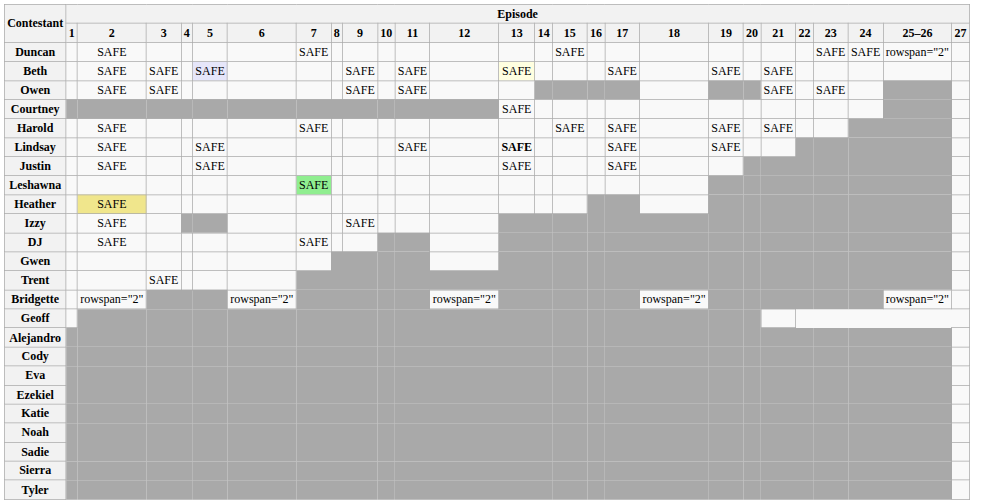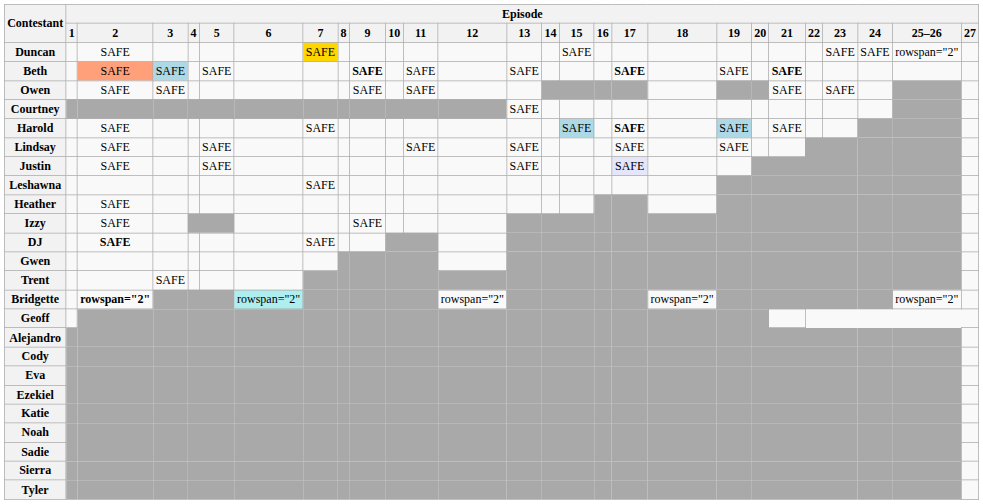 <table class="wikitable" style="text-align:center;">
 <tr>
 <th scope="col" rowspan="2">Contestant</th>
 <th scope="col" colspan="100%">Episode<br>                                                </th>
 </tr>
 <tr>
 <th scope="col">1</th>
 <th scope="col">2</th>
 <th scope="col">3</th>
 <th scope="col">4</th>
 <th scope="col">5</th>
 <th scope="col">6</th>
 <th scope="col">7</th>
 <th scope="col">8</th>
 <th scope="col">9</th>
 <th scope="col">10</th>
 <th scope="col">11</th>
 <th scope="col">12</th>
 <th scope="col">13</th>
 <th scope="col">14</th>
 <th scope="col">15</th>
 <th scope="col">16</th>
 <th scope="col">17</th>
 <th scope="col">18</th>
 <th scope="col">19</th>
 <th scope="col">20</th>
 <th scope="col">21</th>
 <th scope="col">22</th>
 <th scope="col">23</th>
 <th scope="col">24</th>
 <th scope="col">25–26</th>
 <th scope="col">27</th>
 </tr>
 <tr>
 <th scope="row">Duncan</th>
 <td></td>
 <td>SAFE</td>
 <td></td>
 <td></td>
 <td></td>
 <td></td>
-<td>SAFE</td>
+<td style="background: gold;">SAFE</td>
 <td></td>
 <td></td>
 <td></td>
 <td></td>
 <td></td>
 <td></td>
 <td></td>
 <td>SAFE</td>
 <td></td>
 <td></td>
 <td></td>
 <td></td>
 <td></td>
 <td></td>
 <td></td>
 <td>SAFE</td>
 <td>SAFE</td>
 <td>rowspan="2" </td>
 <td></td>
 </tr>
 <tr>
 <th scope="row">Beth</th>
 <td></td>
-<td>SAFE</td>
+<td style="background: lightsalmon;">SAFE</td>
+<td style="background: lightblue;">SAFE</td>
+<td></td>
 <td>SAFE</td>
 <td></td>
-<td style="background: lavender;">SAFE</td>
 <td></td>
 <td></td>
+<td><strong>SAFE</strong></td>
 <td></td>
 <td>SAFE</td>
 <td></td>
 <td>SAFE</td>
 <td></td>
-<td style="background: lightyellow;">SAFE</td>
 <td></td>
 <td></td>
+<td><strong>SAFE</strong></td>
 <td></td>
 <td>SAFE</td>
 <td></td>
-<td>SAFE</td>
-<td></td>
-<td>SAFE</td>
+<td><strong>SAFE</strong></td>
 <td></td>
 <td></td>
 <td><br></td>
 <td></td>
 </tr>
 <tr>
 <th scope="row">Owen</th>
 <td></td>
 <td>SAFE</td>
 <td>SAFE</td>
 <td></td>
 <td></td>
 <td></td>
 <td></td>
 <td></td>
 <td>SAFE</td>
 <td></td>
 <td>SAFE</td>
 <td></td>
 <td></td>
 <td style="background:darkgray; border:none;"></td>
 <td style="background:darkgray; border:none;"></td>
 <td style="background:darkgray; border:none;"></td>
 <td style="background:darkgray; border:none;"></td>
 <td></td>
 <td style="background:darkgray; border:none;"></td>
 <td style="background:darkgray; border:none;"></td>
 <td>SAFE</td>
 <td></td>
 <td>SAFE</td>
 <td></td>
 <td style="background:darkgray; border:none;"></td>
 <td></td>
 </tr>
 <tr>
 <th scope="row">Courtney</th>
 <td style="background:darkgray; border:none;"></td>
 <td style="background:darkgray; border:none;"></td>
 <td style="background:darkgray; border:none;"></td>
 <td style="background:darkgray; border:none;"></td>
 <td style="background:darkgray; border:none;"></td>
 <td style="background:darkgray; border:none;"></td>
 <td style="background:darkgray; border:none;"></td>
 <td style="background:darkgray; border:none;"></td>
 <td style="background:darkgray; border:none;"></td>
 <td style="background:darkgray; border:none;"></td>
 <td style="background:darkgray; border:none;"></td>
 <td style="background:darkgray; border:none;"></td>
 <td>SAFE</td>
 <td></td>
 <td></td>
 <td></td>
 <td></td>
 <td></td>
 <td></td>
 <td></td>
 <td></td>
 <td></td>
 <td></td>
 <td></td>
 <td style="background:darkgray; border:none;"></td>
 <td></td>
 </tr>
 <tr>
 <th scope="row">Harold</th>
 <td></td>
 <td>SAFE</td>
 <td></td>
 <td></td>
 <td></td>
 <td></td>
 <td>SAFE</td>
 <td></td>
 <td></td>
 <td></td>
 <td></td>
 <td></td>
 <td></td>
 <td></td>
-<td>SAFE</td>
+<td style="background: lightblue;">SAFE</td>
 <td></td>
-<td>SAFE</td>
+<td><strong>SAFE</strong></td>
 <td></td>
-<td>SAFE</td>
+<td style="background: lightblue;">SAFE</td>
 <td></td>
 <td>SAFE</td>
 <td></td>
 <td></td>
 <td style="background:darkgray; border:none;"></td>
 <td style="background:darkgray; border:none;"></td>
 <td></td>
 </tr>
 <tr>
 <th scope="row">Lindsay</th>
 <td></td>
 <td>SAFE</td>
 <td></td>
 <td></td>
 <td>SAFE</td>
 <td></td>
 <td></td>
 <td></td>
 <td></td>
 <td></td>
 <td>SAFE</td>
 <td></td>
-<td><strong>SAFE</strong></td>
+<td>SAFE</td>
 <td></td>
 <td></td>
 <td></td>
 <td>SAFE</td>
 <td></td>
 <td>SAFE</td>
 <td></td>
 <td></td>
 <td style="background:darkgray; border:none;"></td>
 <td style="background:darkgray; border:none;"></td>
 <td style="background:darkgray; border:none;"></td>
 <td style="background:darkgray; border:none;"></td>
 <td></td>
 </tr>
 <tr>
 <th scope="row">Justin</th>
 <td></td>
 <td>SAFE</td>
 <td></td>
 <td></td>
 <td>SAFE</td>
 <td></td>
 <td></td>
 <td></td>
 <td></td>
 <td></td>
 <td></td>
 <td></td>
 <td>SAFE</td>
 <td></td>
 <td></td>
 <td></td>
-<td>SAFE</td>
+<td style="background: lavender;">SAFE</td>
 <td></td>
 <td></td>
 <td style="background:darkgray; border:none;"></td>
 <td style="background:darkgray; border:none;"></td>
 <td style="background:darkgray; border:none;"></td>
 <td style="background:darkgray; border:none;"></td>
 <td style="background:darkgray; border:none;"></td>
 <td style="background:darkgray; border:none;"></td>
 <td></td>
 </tr>
 <tr>
 <th scope="row">Leshawna</th>
 <td></td>
 <td></td>
 <td></td>
 <td></td>
 <td></td>
 <td></td>
-<td style="background: lightgreen;">SAFE</td>
+<td>SAFE</td>
 <td></td>
 <td></td>
 <td></td>
 <td></td>
 <td></td>
 <td></td>
 <td></td>
 <td></td>
 <td></td>
 <td></td>
 <td></td>
 <td style="background:darkgray; border:none;"></td>
 <td style="background:darkgray; border:none;"></td>
 <td style="background:darkgray; border:none;"></td>
 <td style="background:darkgray; border:none;"></td>
 <td style="background:darkgray; border:none;"></td>
 <td style="background:darkgray; border:none;"></td>
 <td style="background:darkgray; border:none;"></td>
 <td></td>
 </tr>
 <tr>
 <th scope="row">Heather</th>
 <td></td>
-<td style="background: khaki;">SAFE</td>
+<td>SAFE</td>
 <td></td>
 <td></td>
 <td></td>
 <td></td>
 <td></td>
 <td></td>
 <td></td>
 <td></td>
 <td></td>
 <td></td>
 <td></td>
 <td></td>
 <td></td>
 <td style="background:darkgray; border:none;"></td>
 <td style="background:darkgray; border:none;"></td>
 <td></td>
 <td style="background:darkgray; border:none;"></td>
 <td style="background:darkgray; border:none;"></td>
 <td style="background:darkgray; border:none;"></td>
 <td style="background:darkgray; border:none;"></td>
 <td style="background:darkgray; border:none;"></td>
 <td style="background:darkgray; border:none;"></td>
 <td style="background:darkgray; border:none;"></td>
 <td></td>
 </tr>
 <tr>
 <th scope="row">Izzy</th>
 <td></td>
 <td>SAFE</td>
 <td></td>
 <td style="background:darkgray; border:none;"></td>
 <td style="background:darkgray; border:none;"></td>
 <td></td>
 <td></td>
 <td></td>
 <td>SAFE</td>
 <td></td>
 <td></td>
 <td></td>
 <td style="background:darkgray; border:none;"></td>
 <td style="background:darkgray; border:none;"></td>
 <td style="background:darkgray; border:none;"></td>
 <td style="background:darkgray; border:none;"></td>
 <td style="background:darkgray; border:none;"></td>
 <td style="background:darkgray; border:none;"></td>
 <td style="background:darkgray; border:none;"></td>
 <td style="background:darkgray; border:none;"></td>
 <td style="background:darkgray; border:none;"></td>
 <td style="background:darkgray; border:none;"></td>
 <td style="background:darkgray; border:none;"></td>
 <td style="background:darkgray; border:none;"></td>
 <td style="background:darkgray; border:none;"></td>
 <td></td>
 </tr>
 <tr>
 <th scope="row">DJ</th>
 <td></td>
-<td>SAFE</td>
+<td><strong>SAFE</strong></td>
 <td></td>
 <td></td>
 <td></td>
 <td></td>
 <td>SAFE</td>
 <td></td>
 <td></td>
 <td style="background:darkgray; border:none;"></td>
 <td style="background:darkgray; border:none;"></td>
 <td></td>
 <td style="background:darkgray; border:none;"></td>
 <td style="background:darkgray; border:none;"></td>
 <td style="background:darkgray; border:none;"></td>
 <td style="background:darkgray; border:none;"></td>
 <td style="background:darkgray; border:none;"></td>
 <td style="background:darkgray; border:none;"></td>
 <td style="background:darkgray; border:none;"></td>
 <td style="background:darkgray; border:none;"></td>
 <td style="background:darkgray; border:none;"></td>
 <td style="background:darkgray; border:none;"></td>
 <td style="background:darkgray; border:none;"></td>
 <td style="background:darkgray; border:none;"></td>
 <td style="background:darkgray; border:none;"></td>
 <td></td>
 </tr>
 <tr>
 <th scope="row">Gwen</th>
 <td></td>
 <td></td>
 <td></td>
 <td></td>
 <td></td>
 <td></td>
 <td></td>
 <td style="background:darkgray; border:none;"></td>
 <td style="background:darkgray; border:none;"></td>
 <td style="background:darkgray; border:none;"></td>
 <td style="background:darkgray; border:none;"></td>
 <td></td>
 <td style="background:darkgray; border:none;"></td>
 <td style="background:darkgray; border:none;"></td>
 <td style="background:darkgray; border:none;"></td>
 <td style="background:darkgray; border:none;"></td>
 <td style="background:darkgray; border:none;"></td>
 <td style="background:darkgray; border:none;"></td>
 <td style="background:darkgray; border:none;"></td>
 <td style="background:darkgray; border:none;"></td>
 <td style="background:darkgray; border:none;"></td>
 <td style="background:darkgray; border:none;"></td>
 <td style="background:darkgray; border:none;"></td>
 <td style="background:darkgray; border:none;"></td>
 <td style="background:darkgray; border:none;"></td>
 <td></td>
 </tr>
 <tr>
 <th scope="row">Trent</th>
 <td></td>
 <td></td>
 <td>SAFE</td>
 <td></td>
 <td></td>
 <td></td>
 <td style="background:darkgray; border:none;"></td>
 <td style="background:darkgray; border:none;"></td>
 <td style="background:darkgray; border:none;"></td>
 <td style="background:darkgray; border:none;"></td>
 <td style="background:darkgray; border:none;"></td>
 <td style="background:darkgray; border:none;"></td>
 <td style="background:darkgray; border:none;"></td>
 <td style="background:darkgray; border:none;"></td>
 <td style="background:darkgray; border:none;"></td>
 <td style="background:darkgray; border:none;"></td>
 <td style="background:darkgray; border:none;"></td>
 <td style="background:darkgray; border:none;"></td>
 <td style="background:darkgray; border:none;"></td>
 <td style="background:darkgray; border:none;"></td>
 <td style="background:darkgray; border:none;"></td>
 <td style="background:darkgray; border:none;"></td>
 <td style="background:darkgray; border:none;"></td>
 <td style="background:darkgray; border:none;"></td>
 <td style="background:darkgray; border:none;"></td>
 <td></td>
 </tr>
 <tr>
 <th scope="row">Bridgette</th>
 <td></td>
-<td>rowspan="2" </td>
+<td><strong>rowspan="2" </strong></td>
 <td style="background:darkgray; border:none;"></td>
 <td style="background:darkgray; border:none;"></td>
 <td style="background:darkgray; border:none;"></td>
-<td>rowspan="2" </td>
+<td style="background: paleturquoise;">rowspan="2" </td>
 <td style="background:darkgray; border:none;"></td>
 <td style="background:darkgray; border:none;"></td>
 <td style="background:darkgray; border:none;"></td>
 <td style="background:darkgray; border:none;"></td>
 <td style="background:darkgray; border:none;"></td>
 <td>rowspan="2" </td>
 <td style="background:darkgray; border:none;"></td>
 <td style="background:darkgray; border:none;"></td>
 <td style="background:darkgray; border:none;"></td>
 <td style="background:darkgray; border:none;"></td>
 <td style="background:darkgray; border:none;"></td>
 <td>rowspan="2" </td>
 <td style="background:darkgray; border:none;"></td>
 <td style="background:darkgray; border:none;"></td>
 <td style="background:darkgray; border:none;"></td>
 <td style="background:darkgray; border:none;"></td>
 <td style="background:darkgray; border:none;"></td>
 <td style="background:darkgray; border:none;"></td>
 <td>rowspan="2" </td>
 <td></td>
 </tr>
 <tr>
 <th scope="row">Geoff</th>
 <td><br></td>
 <td style="background:darkgray; border:none;"></td>
 <td style="background:darkgray; border:none;"></td>
 <td style="background:darkgray; border:none;"><br></td>
 <td style="background:darkgray; border:none;"></td>
 <td style="background:darkgray; border:none;"></td>
 <td style="background:darkgray; border:none;"></td>
 <td style="background:darkgray; border:none;"></td>
 <td style="background:darkgray; border:none;"><br></td>
 <td style="background:darkgray; border:none;"></td>
 <td style="background:darkgray; border:none;"></td>
 <td style="background:darkgray; border:none;"></td>
 <td style="background:darkgray; border:none;"></td>
 <td style="background:darkgray; border:none;"><br></td>
 <td style="background:darkgray; border:none;"></td>
 <td style="background:darkgray; border:none;"></td>
 <td style="background:darkgray; border:none;"></td>
 <td style="background:darkgray; border:none;"></td>
 <td style="background:darkgray; border:none;"></td>
 <td style="background:darkgray; border:none;"><br></td>
 <td></td>
 </tr>
 <tr>
 <th scope="row">Alejandro</th>
 <td style="background:darkgray; border:none;"></td>
 <td style="background:darkgray; border:none;"></td>
 <td style="background:darkgray; border:none;"></td>
 <td style="background:darkgray; border:none;"></td>
 <td style="background:darkgray; border:none;"></td>
 <td style="background:darkgray; border:none;"></td>
 <td style="background:darkgray; border:none;"></td>
 <td style="background:darkgray; border:none;"></td>
 <td style="background:darkgray; border:none;"></td>
 <td style="background:darkgray; border:none;"></td>
 <td style="background:darkgray; border:none;"></td>
 <td style="background:darkgray; border:none;"></td>
 <td style="background:darkgray; border:none;"></td>
 <td style="background:darkgray; border:none;"></td>
 <td style="background:darkgray; border:none;"></td>
 <td style="background:darkgray; border:none;"></td>
 <td style="background:darkgray; border:none;"></td>
 <td style="background:darkgray; border:none;"></td>
 <td style="background:darkgray; border:none;"></td>
 <td style="background:darkgray; border:none;"></td>
 <td style="background:darkgray; border:none;"></td>
 <td style="background:darkgray; border:none;"></td>
 <td style="background:darkgray; border:none;"></td>
 <td style="background:darkgray; border:none;"></td>
 <td style="background:darkgray; border:none;"></td>
 <td></td>
 </tr>
 <tr>
 <th scope="row">Cody</th>
 <td style="background:darkgray; border:none;"></td>
 <td style="background:darkgray; border:none;"></td>
 <td style="background:darkgray; border:none;"></td>
 <td style="background:darkgray; border:none;"></td>
 <td style="background:darkgray; border:none;"></td>
 <td style="background:darkgray; border:none;"></td>
 <td style="background:darkgray; border:none;"></td>
 <td style="background:darkgray; border:none;"></td>
 <td style="background:darkgray; border:none;"></td>
 <td style="background:darkgray; border:none;"></td>
 <td style="background:darkgray; border:none;"></td>
 <td style="background:darkgray; border:none;"></td>
 <td style="background:darkgray; border:none;"></td>
 <td style="background:darkgray; border:none;"></td>
 <td style="background:darkgray; border:none;"></td>
 <td style="background:darkgray; border:none;"></td>
 <td style="background:darkgray; border:none;"></td>
 <td style="background:darkgray; border:none;"></td>
 <td style="background:darkgray; border:none;"></td>
 <td style="background:darkgray; border:none;"></td>
 <td style="background:darkgray; border:none;"></td>
 <td style="background:darkgray; border:none;"></td>
 <td style="background:darkgray; border:none;"></td>
 <td style="background:darkgray; border:none;"></td>
 <td style="background:darkgray; border:none;"></td>
 <td></td>
 </tr>
 <tr>
 <th scope="row">Eva</th>
 <td style="background:darkgray; border:none;"></td>
 <td style="background:darkgray; border:none;"></td>
 <td style="background:darkgray; border:none;"></td>
 <td style="background:darkgray; border:none;"></td>
 <td style="background:darkgray; border:none;"></td>
 <td style="background:darkgray; border:none;"></td>
 <td style="background:darkgray; border:none;"></td>
 <td style="background:darkgray; border:none;"></td>
 <td style="background:darkgray; border:none;"></td>
 <td style="background:darkgray; border:none;"></td>
 <td style="background:darkgray; border:none;"></td>
 <td style="background:darkgray; border:none;"></td>
 <td style="background:darkgray; border:none;"></td>
 <td style="background:darkgray; border:none;"></td>
 <td style="background:darkgray; border:none;"></td>
 <td style="background:darkgray; border:none;"></td>
 <td style="background:darkgray; border:none;"></td>
 <td style="background:darkgray; border:none;"></td>
 <td style="background:darkgray; border:none;"></td>
 <td style="background:darkgray; border:none;"></td>
 <td style="background:darkgray; border:none;"></td>
 <td style="background:darkgray; border:none;"></td>
 <td style="background:darkgray; border:none;"></td>
 <td style="background:darkgray; border:none;"></td>
 <td style="background:darkgray; border:none;"></td>
 <td></td>
 </tr>
 <tr>
 <th scope="row">Ezekiel</th>
 <td style="background:darkgray; border:none;"></td>
 <td style="background:darkgray; border:none;"></td>
 <td style="background:darkgray; border:none;"></td>
 <td style="background:darkgray; border:none;"></td>
 <td style="background:darkgray; border:none;"></td>
 <td style="background:darkgray; border:none;"></td>
 <td style="background:darkgray; border:none;"></td>
 <td style="background:darkgray; border:none;"></td>
 <td style="background:darkgray; border:none;"></td>
 <td style="background:darkgray; border:none;"></td>
 <td style="background:darkgray; border:none;"></td>
 <td style="background:darkgray; border:none;"></td>
 <td style="background:darkgray; border:none;"></td>
 <td style="background:darkgray; border:none;"></td>
 <td style="background:darkgray; border:none;"></td>
 <td style="background:darkgray; border:none;"></td>
 <td style="background:darkgray; border:none;"></td>
 <td style="background:darkgray; border:none;"></td>
 <td style="background:darkgray; border:none;"></td>
 <td style="background:darkgray; border:none;"></td>
 <td style="background:darkgray; border:none;"></td>
 <td style="background:darkgray; border:none;"></td>
 <td style="background:darkgray; border:none;"></td>
 <td style="background:darkgray; border:none;"></td>
 <td style="background:darkgray; border:none;"></td>
 <td></td>
 </tr>
 <tr>
 <th scope="row">Katie</th>
 <td style="background:darkgray; border:none;"></td>
 <td style="background:darkgray; border:none;"></td>
 <td style="background:darkgray; border:none;"></td>
 <td style="background:darkgray; border:none;"></td>
 <td style="background:darkgray; border:none;"></td>
 <td style="background:darkgray; border:none;"></td>
 <td style="background:darkgray; border:none;"></td>
 <td style="background:darkgray; border:none;"></td>
 <td style="background:darkgray; border:none;"></td>
 <td style="background:darkgray; border:none;"></td>
 <td style="background:darkgray; border:none;"></td>
 <td style="background:darkgray; border:none;"></td>
 <td style="background:darkgray; border:none;"></td>
 <td style="background:darkgray; border:none;"></td>
 <td style="background:darkgray; border:none;"></td>
 <td style="background:darkgray; border:none;"></td>
 <td style="background:darkgray; border:none;"></td>
 <td style="background:darkgray; border:none;"></td>
 <td style="background:darkgray; border:none;"></td>
 <td style="background:darkgray; border:none;"></td>
 <td style="background:darkgray; border:none;"></td>
 <td style="background:darkgray; border:none;"></td>
 <td style="background:darkgray; border:none;"></td>
 <td style="background:darkgray; border:none;"></td>
 <td style="background:darkgray; border:none;"></td>
 <td></td>
 </tr>
 <tr>
 <th scope="row">Noah</th>
 <td style="background:darkgray; border:none;"></td>
 <td style="background:darkgray; border:none;"></td>
 <td style="background:darkgray; border:none;"></td>
 <td style="background:darkgray; border:none;"></td>
 <td style="background:darkgray; border:none;"></td>
 <td style="background:darkgray; border:none;"></td>
 <td style="background:darkgray; border:none;"></td>
 <td style="background:darkgray; border:none;"></td>
 <td style="background:darkgray; border:none;"></td>
 <td style="background:darkgray; border:none;"></td>
 <td style="background:darkgray; border:none;"></td>
 <td style="background:darkgray; border:none;"></td>
 <td style="background:darkgray; border:none;"></td>
 <td style="background:darkgray; border:none;"></td>
 <td style="background:darkgray; border:none;"></td>
 <td style="background:darkgray; border:none;"></td>
 <td style="background:darkgray; border:none;"></td>
 <td style="background:darkgray; border:none;"></td>
 <td style="background:darkgray; border:none;"></td>
 <td style="background:darkgray; border:none;"></td>
 <td style="background:darkgray; border:none;"></td>
 <td style="background:darkgray; border:none;"></td>
 <td style="background:darkgray; border:none;"></td>
 <td style="background:darkgray; border:none;"></td>
 <td style="background:darkgray; border:none;"></td>
 <td></td>
 </tr>
 <tr>
 <th scope="row">Sadie</th>
 <td style="background:darkgray; border:none;"></td>
 <td style="background:darkgray; border:none;"></td>
 <td style="background:darkgray; border:none;"></td>
 <td style="background:darkgray; border:none;"></td>
 <td style="background:darkgray; border:none;"></td>
 <td style="background:darkgray; border:none;"></td>
 <td style="background:darkgray; border:none;"></td>
 <td style="background:darkgray; border:none;"></td>
 <td style="background:darkgray; border:none;"></td>
 <td style="background:darkgray; border:none;"></td>
 <td style="background:darkgray; border:none;"></td>
 <td style="background:darkgray; border:none;"></td>
 <td style="background:darkgray; border:none;"></td>
 <td style="background:darkgray; border:none;"></td>
 <td style="background:darkgray; border:none;"></td>
 <td style="background:darkgray; border:none;"></td>
 <td style="background:darkgray; border:none;"></td>
 <td style="background:darkgray; border:none;"></td>
 <td style="background:darkgray; border:none;"></td>
 <td style="background:darkgray; border:none;"></td>
 <td style="background:darkgray; border:none;"></td>
 <td style="background:darkgray; border:none;"></td>
 <td style="background:darkgray; border:none;"></td>
 <td style="background:darkgray; border:none;"></td>
 <td style="background:darkgray; border:none;"></td>
 <td></td>
 </tr>
 <tr>
 <th scope="row">Sierra</th>
 <td style="background:darkgray; border:none;"></td>
 <td style="background:darkgray; border:none;"></td>
 <td style="background:darkgray; border:none;"></td>
 <td style="background:darkgray; border:none;"></td>
 <td style="background:darkgray; border:none;"></td>
 <td style="background:darkgray; border:none;"></td>
 <td style="background:darkgray; border:none;"></td>
 <td style="background:darkgray; border:none;"></td>
 <td style="background:darkgray; border:none;"></td>
 <td style="background:darkgray; border:none;"></td>
 <td style="background:darkgray; border:none;"></td>
 <td style="background:darkgray; border:none;"></td>
 <td style="background:darkgray; border:none;"></td>
 <td style="background:darkgray; border:none;"></td>
 <td style="background:darkgray; border:none;"></td>
 <td style="background:darkgray; border:none;"></td>
 <td style="background:darkgray; border:none;"></td>
 <td style="background:darkgray; border:none;"></td>
 <td style="background:darkgray; border:none;"></td>
 <td style="background:darkgray; border:none;"></td>
 <td style="background:darkgray; border:none;"></td>
 <td style="background:darkgray; border:none;"></td>
 <td style="background:darkgray; border:none;"></td>
 <td style="background:darkgray; border:none;"></td>
 <td style="background:darkgray; border:none;"></td>
 <td></td>
 </tr>
 <tr>
 <th scope="row">Tyler</th>
 <td style="background:darkgray; border:none;"></td>
 <td style="background:darkgray; border:none;"></td>
 <td style="background:darkgray; border:none;"></td>
 <td style="background:darkgray; border:none;"></td>
 <td style="background:darkgray; border:none;"></td>
 <td style="background:darkgray; border:none;"></td>
 <td style="background:darkgray; border:none;"></td>
 <td style="background:darkgray; border:none;"></td>
 <td style="background:darkgray; border:none;"></td>
 <td style="background:darkgray; border:none;"></td>
 <td style="background:darkgray; border:none;"></td>
 <td style="background:darkgray; border:none;"></td>
 <td style="background:darkgray; border:none;"></td>
 <td style="background:darkgray; border:none;"></td>
 <td style="background:darkgray; border:none;"></td>
 <td style="background:darkgray; border:none;"></td>
 <td style="background:darkgray; border:none;"></td>
 <td style="background:darkgray; border:none;"></td>
 <td style="background:darkgray; border:none;"></td>
 <td style="background:darkgray; border:none;"></td>
 <td style="background:darkgray; border:none;"></td>
 <td style="background:darkgray; border:none;"></td>
 <td style="background:darkgray; border:none;"></td>
 <td style="background:darkgray; border:none;"></td>
 <td style="background:darkgray; border:none;"></td>
 <td></td>
 </tr>
 </table>
